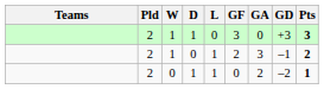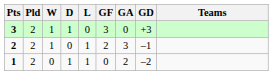 <table class="wikitable" style="text-align: center;">
 <tr>
-<th width=165>Teams</th>
+<th width=20>Pts</th>
 <th width=20>Pld</th>
 <th width=20>W</th>
 <th width=20>D</th>
 <th width=20>L</th>
 <th width=20>GF</th>
 <th width=20>GA</th>
 <th width=20>GD</th>
-<th width=20>Pts</th>
+<th width=165>Teams</th>
 </tr>
 <tr align=center style="background:#ccffcc;">
-<td style="text-align:left;"></td>
+<td><strong>3</strong></td>
 <td>2</td>
 <td>1</td>
 <td>1</td>
 <td>0</td>
 <td>3</td>
 <td>0</td>
 <td>+3</td>
-<td><strong>3</strong></td>
+<td style="text-align:left;"></td>
 </tr>
 <tr align=center>
-<td style="text-align:left;"></td>
+<td><strong>2</strong></td>
 <td>2</td>
 <td>1</td>
 <td>0</td>
 <td>1</td>
 <td>2</td>
 <td>3</td>
 <td>–1</td>
-<td><strong>2</strong></td>
+<td style="text-align:left;"></td>
 </tr>
 <tr align=center>
-<td style="text-align:left;"></td>
+<td><strong>1</strong></td>
 <td>2</td>
 <td>0</td>
 <td>1</td>
 <td>1</td>
 <td>0</td>
 <td>2</td>
 <td>–2</td>
-<td><strong>1</strong></td>
+<td style="text-align:left;"></td>
 </tr>
 </table>
